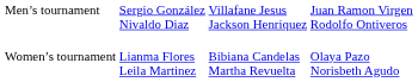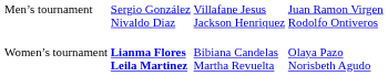 <table>
 <tr>
 <td>Men’s tournament</td>
 <td><br><a href='#'>Sergio González</a><br><a href='#'>Nivaldo Diaz</a></td>
 <td><br><a href='#'>Villafane Jesus</a><br><a href='#'>Jackson Henriquez</a></td>
 <td><br><a href='#'>Juan Ramon Virgen</a><br><a href='#'>Rodolfo Ontiveros</a></td>
 </tr>
 <tr>
 <td>Women’s tournament</td>
-<td><br><a href='#'>Lianma Flores</a><br><a href='#'>Leila Martinez</a></td>
+<td><strong><br><a href='#'>Lianma Flores</a><br><a href='#'>Leila Martinez</a></strong></td>
 <td><br><a href='#'>Bibiana Candelas</a><br><a href='#'>Martha Revuelta</a></td>
 <td><br><a href='#'>Olaya Pazo</a><br><a href='#'>Norisbeth Agudo</a></td>
 </tr>
 <tr>
 </tr>
 </table>
